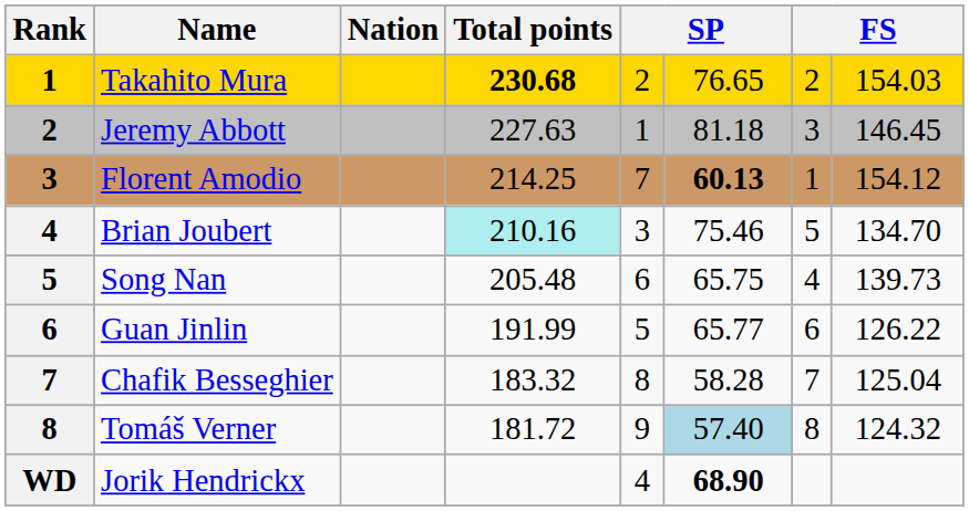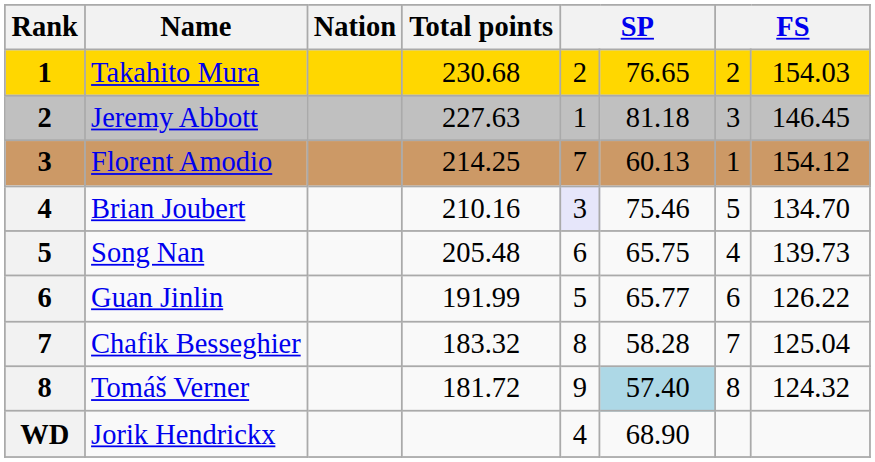 <table class="wikitable sortable">
 <tr>
 <th>Rank</th>
 <th>Name</th>
 <th>Nation</th>
 <th>Total points</th>
 <th colspan="2" width="80px"><a href='#'>SP</a></th>
 <th colspan="2" width="80px"><a href='#'>FS</a></th>
 </tr>
 <tr bgcolor="gold">
 <td align="center"><strong>1</strong></td>
 <td><a href='#'>Takahito Mura</a></td>
 <td></td>
-<td align="center"><strong>230.68</strong></td>
+<td align="center">230.68</td>
 <td align="center">2</td>
 <td align="center">76.65</td>
 <td align="center">2</td>
 <td align="center">154.03</td>
 </tr>
 <tr bgcolor="silver">
 <td align="center"><strong>2</strong></td>
 <td><a href='#'>Jeremy Abbott</a></td>
 <td></td>
 <td align="center">227.63</td>
 <td align="center">1</td>
 <td align="center">81.18</td>
 <td align="center">3</td>
 <td align="center">146.45</td>
 </tr>
 <tr bgcolor="cc9966">
 <td align="center"><strong>3</strong></td>
 <td><a href='#'>Florent Amodio</a></td>
 <td></td>
 <td align="center">214.25</td>
 <td align="center">7</td>
-<td align="center"><strong>60.13</strong></td>
+<td align="center">60.13</td>
 <td align="center">1</td>
 <td align="center">154.12</td>
 </tr>
 <tr>
 <th>4</th>
 <td><a href='#'>Brian Joubert</a></td>
 <td></td>
-<td align="center" style="background: paleturquoise;">210.16</td>
-<td align="center">3</td>
+<td align="center">210.16</td>
+<td align="center" style="background: lavender;">3</td>
 <td align="center">75.46</td>
 <td align="center">5</td>
 <td align="center">134.70</td>
 </tr>
 <tr>
 <th>5</th>
 <td><a href='#'>Song Nan</a></td>
 <td></td>
 <td align="center">205.48</td>
 <td align="center">6</td>
 <td align="center">65.75</td>
 <td align="center">4</td>
 <td align="center">139.73</td>
 </tr>
 <tr>
 <th>6</th>
 <td><a href='#'>Guan Jinlin</a></td>
 <td></td>
 <td align="center">191.99</td>
 <td align="center">5</td>
 <td align="center">65.77</td>
 <td align="center">6</td>
 <td align="center">126.22</td>
 </tr>
 <tr>
 <th>7</th>
 <td><a href='#'>Chafik Besseghier</a></td>
 <td></td>
 <td align="center">183.32</td>
 <td align="center">8</td>
 <td align="center">58.28</td>
 <td align="center">7</td>
 <td align="center">125.04</td>
 </tr>
 <tr>
 <th>8</th>
 <td><a href='#'>Tomáš Verner</a></td>
 <td></td>
 <td align="center">181.72</td>
 <td align="center">9</td>
 <td align="center" style="background: lightblue;">57.40</td>
 <td align="center">8</td>
 <td align="center">124.32</td>
 </tr>
 <tr>
 <th>WD</th>
 <td><a href='#'>Jorik Hendrickx</a></td>
 <td></td>
 <td align="center"></td>
 <td align="center">4</td>
-<td align="center"><strong>68.90</strong></td>
+<td align="center">68.90</td>
 <td align="center"></td>
 <td align="center"></td>
 </tr>
 </table>
